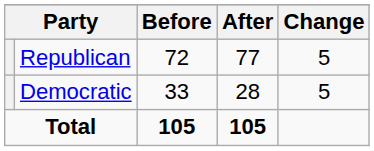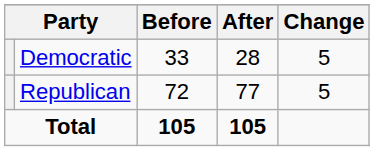 <table class="wikitable" style="text-align:center;">
 <tr>
 </tr>
 <tr>
 <th colspan=2>Party</th>
 <th>Before</th>
 <th>After</th>
 <th>Change</th>
 </tr>
 <tr>
 <th style="background-color:"></th>
-<td style="text-align:left;"><a href='#'>Republican</a></td>
-<td>72</td>
-<td>77</td>
+<td style="text-align:left;"><a href='#'>Democratic</a></td>
+<td>33</td>
+<td>28</td>
 <td> 5</td>
 </tr>
 <tr>
 <th style="background-color:"></th>
-<td style="text-align:left;"><a href='#'>Democratic</a></td>
-<td>33</td>
-<td>28</td>
+<td style="text-align:left;"><a href='#'>Republican</a></td>
+<td>72</td>
+<td>77</td>
 <td> 5</td>
 </tr>
 <tr>
 <td colspan=2><strong>Total</strong></td>
 <td><strong>105</strong></td>
 <td><strong>105</strong></td>
 <td></td>
 </tr>
 </table>
